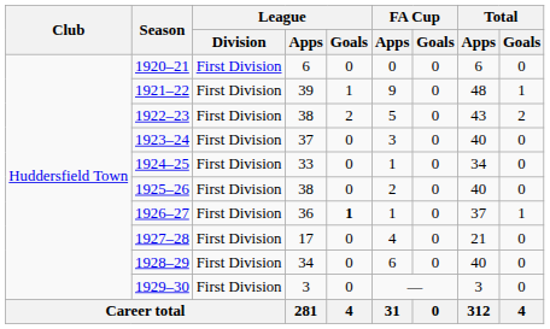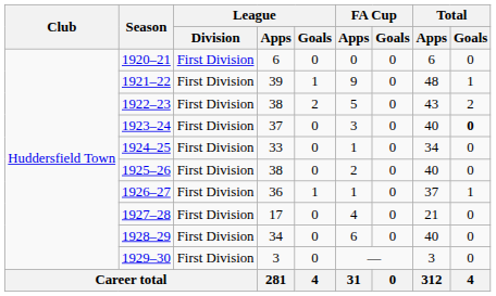 <table class="wikitable" style="text-align:center">
 <tr>
 <th rowspan="2">Club</th>
 <th rowspan="2">Season</th>
 <th colspan="3">League</th>
 <th colspan="2">FA Cup</th>
 <th colspan="2">Total</th>
 </tr>
 <tr>
 <th>Division</th>
 <th>Apps</th>
 <th>Goals</th>
 <th>Apps</th>
 <th>Goals</th>
 <th>Apps</th>
 <th>Goals</th>
 </tr>
 <tr>
 <td rowspan="10"><a href='#'>Huddersfield Town</a></td>
 <td><a href='#'>1920–21</a></td>
 <td><a href='#'>First Division</a></td>
 <td>6</td>
 <td>0</td>
 <td>0</td>
 <td>0</td>
 <td>6</td>
 <td>0</td>
 </tr>
 <tr>
 <td><a href='#'>1921–22</a></td>
 <td>First Division</td>
 <td>39</td>
 <td>1</td>
 <td>9</td>
 <td>0</td>
 <td>48</td>
 <td>1</td>
 </tr>
 <tr>
 <td><a href='#'>1922–23</a></td>
 <td>First Division</td>
 <td>38</td>
 <td>2</td>
 <td>5</td>
 <td>0</td>
 <td>43</td>
 <td>2</td>
 </tr>
 <tr>
 <td><a href='#'>1923–24</a></td>
 <td>First Division</td>
 <td>37</td>
 <td>0</td>
 <td>3</td>
 <td>0</td>
 <td>40</td>
-<td>0</td>
+<td><strong>0</strong></td>
 </tr>
 <tr>
 <td><a href='#'>1924–25</a></td>
 <td>First Division</td>
 <td>33</td>
 <td>0</td>
 <td>1</td>
 <td>0</td>
 <td>34</td>
 <td>0</td>
 </tr>
 <tr>
 <td><a href='#'>1925–26</a></td>
 <td>First Division</td>
 <td>38</td>
 <td>0</td>
 <td>2</td>
 <td>0</td>
 <td>40</td>
 <td>0</td>
 </tr>
 <tr>
 <td><a href='#'>1926–27</a></td>
 <td>First Division</td>
 <td>36</td>
-<td><strong>1</strong></td>
+<td>1</td>
 <td>1</td>
 <td>0</td>
 <td>37</td>
 <td>1</td>
 </tr>
 <tr>
 <td><a href='#'>1927–28</a></td>
 <td>First Division</td>
 <td>17</td>
 <td>0</td>
 <td>4</td>
 <td>0</td>
 <td>21</td>
 <td>0</td>
 </tr>
 <tr>
 <td><a href='#'>1928–29</a></td>
 <td>First Division</td>
 <td>34</td>
 <td>0</td>
 <td>6</td>
 <td>0</td>
 <td>40</td>
 <td>0</td>
 </tr>
 <tr>
 <td><a href='#'>1929–30</a></td>
 <td>First Division</td>
 <td>3</td>
 <td>0</td>
 <td colspan="2">―</td>
 <td>3</td>
 <td>0</td>
 </tr>
 <tr>
 <th colspan="3">Career total</th>
 <th>281</th>
 <th>4</th>
 <th>31</th>
 <th>0</th>
 <th>312</th>
 <th>4</th>
 </tr>
 </table>
